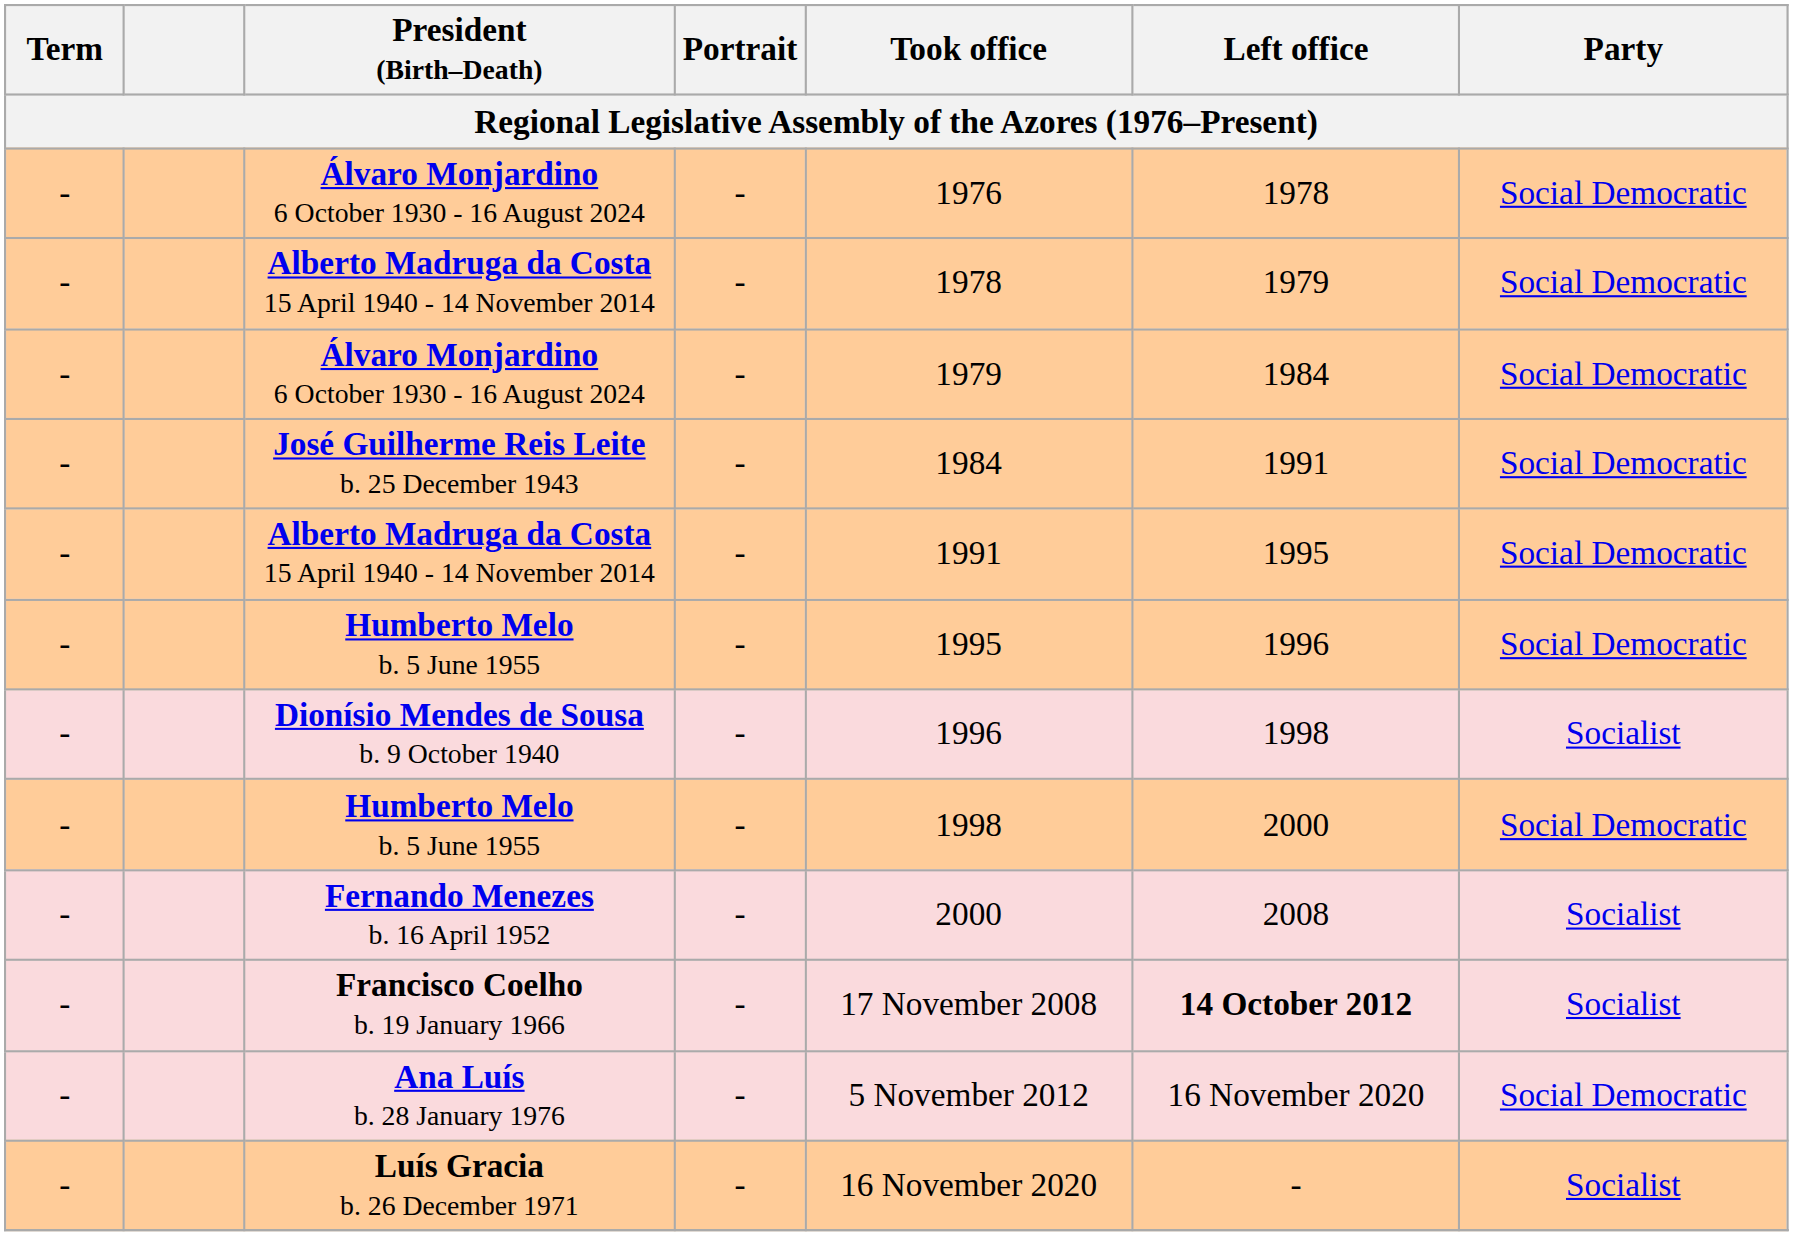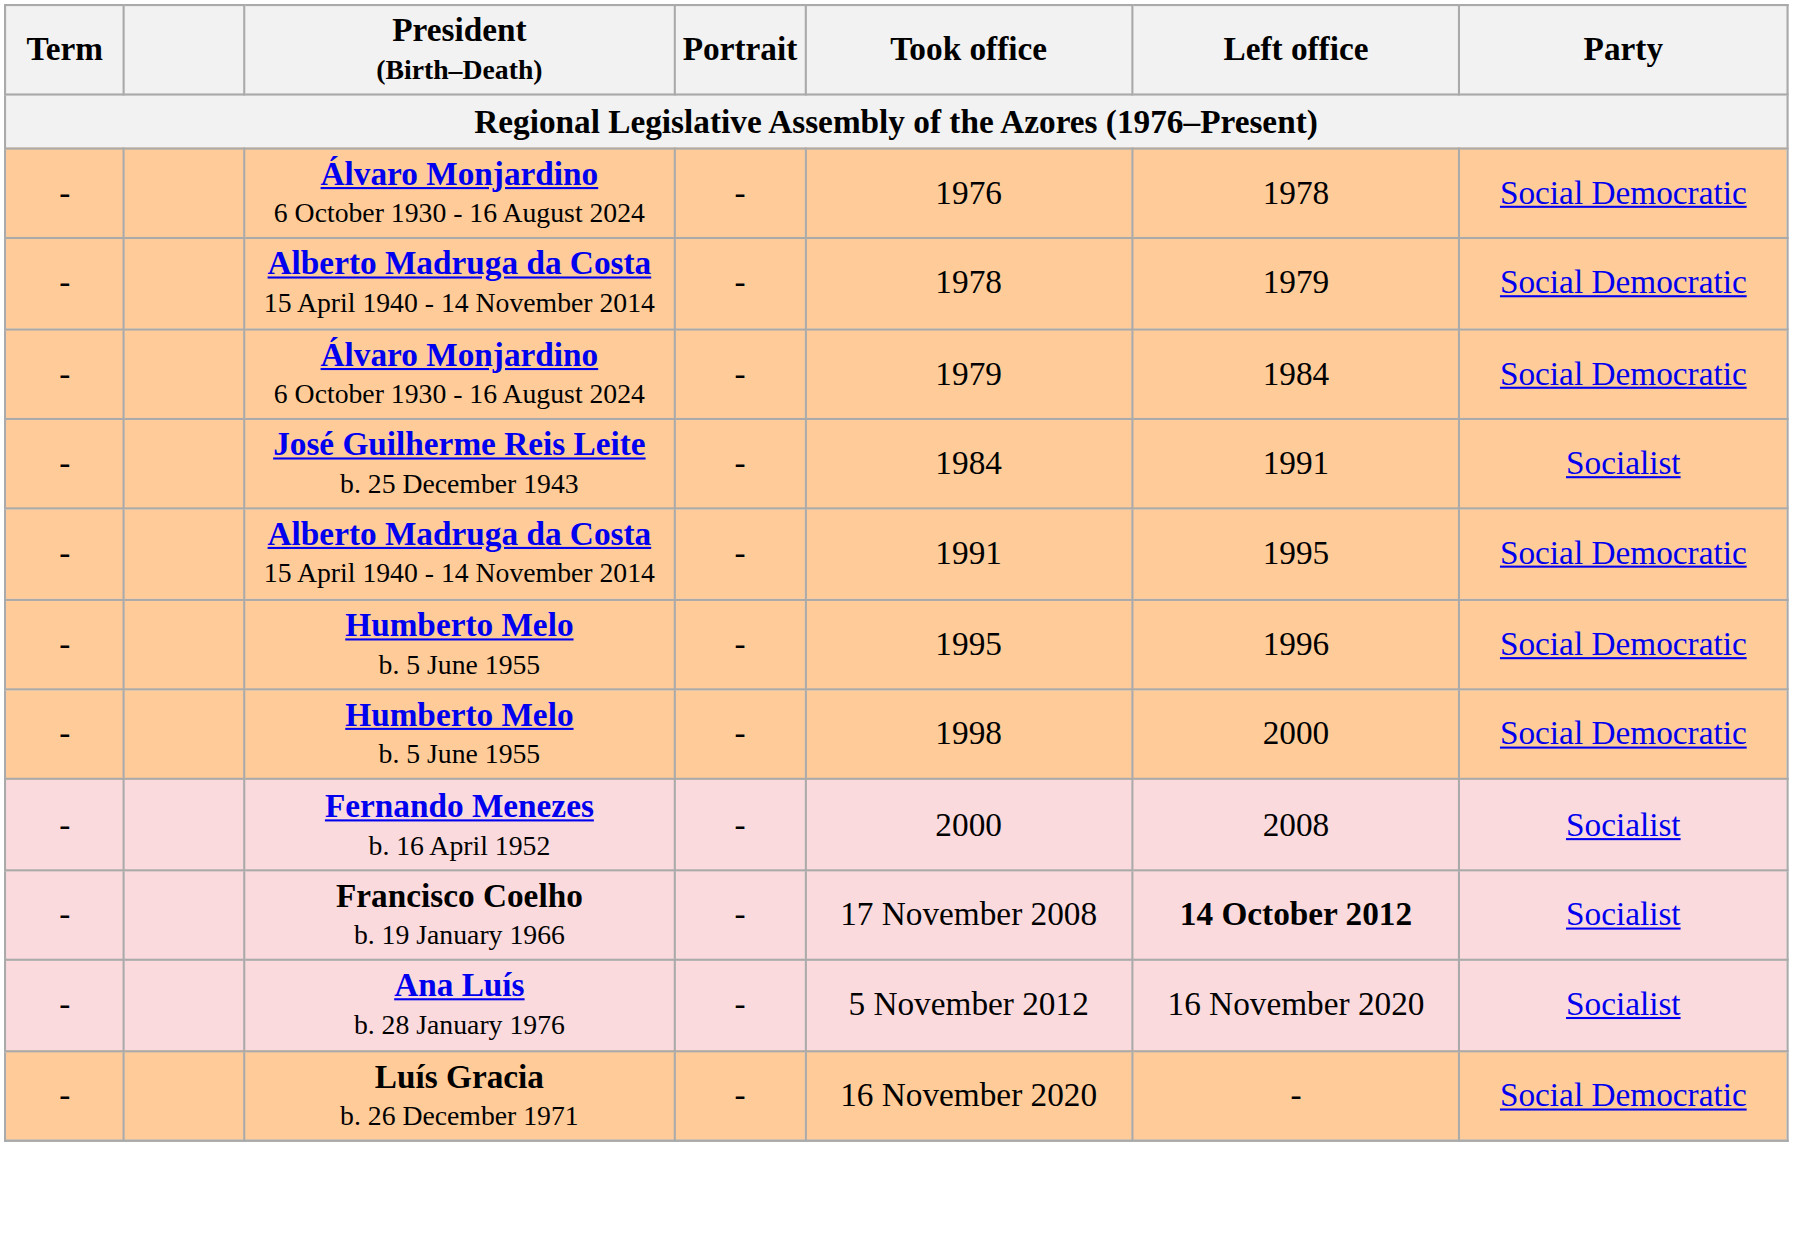 <table class="wikitable" style="text-align:center">
 <tr style="background:#cccccc">
 <th style="width: 50px;">Term</th>
 <th style="width: 50px;"></th>
 <th style="width: 200px;">President<br><small>(Birth–Death)</small></th>
 <th>Portrait</th>
 <th style="width: 150px;">Took office</th>
 <th style="width: 150px;">Left office</th>
 <th style="width: 150px;">Party</th>
 </tr>
 <tr style="background:#DCDCDC">
 <th colspan=7>Regional Legislative Assembly of the Azores (1976–Present)</th>
 </tr>
 <tr style="background:#FFCC99">
 <td>-</td>
 <td style="background:"></td>
 <td><strong><a href='#'>Álvaro Monjardino</a></strong><br><small> 6 October 1930 - 16 August 2024</small></td>
 <td>-</td>
 <td>1976</td>
 <td>1978</td>
 <td><a href='#'>Social Democratic</a></td>
 </tr>
 <tr style="background:#FFCC99">
 <td>-</td>
 <td style="background:"></td>
 <td><strong><a href='#'>Alberto Madruga da Costa</a></strong><br><small>15 April 1940 - 14 November 2014</small></td>
 <td>-</td>
 <td>1978</td>
 <td>1979</td>
 <td><a href='#'>Social Democratic</a></td>
 </tr>
 <tr style="background:#FFCC99">
 <td>-</td>
 <td style="background:"></td>
 <td><strong><a href='#'>Álvaro Monjardino</a></strong><br><small> 6 October 1930 - 16 August 2024</small></td>
 <td>-</td>
 <td>1979</td>
 <td>1984</td>
 <td><a href='#'>Social Democratic</a></td>
 </tr>
 <tr style="background:#FFCC99">
 <td>-</td>
 <td style="background:"></td>
 <td><strong><a href='#'>José Guilherme Reis Leite</a></strong><br><small>b. 25 December 1943</small></td>
 <td>-</td>
 <td>1984</td>
 <td>1991</td>
-<td><a href='#'>Social Democratic</a></td>
+<td><a href='#'>Socialist</a></td>
 </tr>
 <tr style="background:#FFCC99">
 <td>-</td>
 <td style="background:"></td>
 <td><strong><a href='#'>Alberto Madruga da Costa</a></strong><br><small>15 April 1940 - 14 November 2014</small></td>
 <td>-</td>
 <td>1991</td>
 <td>1995</td>
 <td><a href='#'>Social Democratic</a></td>
 </tr>
 <tr style="background:#FFCC99">
 <td>-</td>
 <td style="background:"></td>
 <td><strong><a href='#'>Humberto Melo</a></strong><br><small>b. 5 June 1955</small></td>
 <td>-</td>
 <td>1995</td>
 <td>1996</td>
 <td><a href='#'>Social Democratic</a></td>
-</tr>
-<tr style="background:#FADADD">
-<td>-</td>
-<td style="background:"></td>
-<td><strong><a href='#'>Dionísio Mendes de Sousa</a></strong><br><small>b. 9 October 1940</small></td>
-<td>-</td>
-<td>1996</td>
-<td>1998</td>
-<td><a href='#'>Socialist</a></td>
 </tr>
 <tr style="background:#FFCC99">
 <td>-</td>
 <td style="background:"></td>
 <td><strong><a href='#'>Humberto Melo</a></strong><br><small>b. 5 June 1955</small></td>
 <td>-</td>
 <td>1998</td>
 <td>2000</td>
 <td><a href='#'>Social Democratic</a></td>
 </tr>
 <tr style="background:#FADADD">
 <td>-</td>
 <td style="background:"></td>
 <td><strong><a href='#'>Fernando Menezes</a></strong><br><small>b. 16 April 1952</small></td>
 <td>-</td>
 <td>2000</td>
 <td>2008</td>
 <td><a href='#'>Socialist</a></td>
 </tr>
 <tr style="background:#FADADD">
 <td>-</td>
 <td style="background:"></td>
 <td><strong>Francisco Coelho</strong><br><small>b. 19 January 1966</small></td>
 <td>-</td>
 <td>17 November 2008</td>
 <td><strong>14 October 2012</strong></td>
 <td><a href='#'>Socialist</a></td>
 </tr>
 <tr style="background:#FADADD">
 <td>-</td>
 <td style="background:"></td>
 <td><strong><a href='#'>Ana Luís</a></strong><br><small>b. 28 January 1976</small></td>
 <td>-</td>
 <td>5 November 2012</td>
 <td>16 November 2020</td>
-<td><a href='#'>Social Democratic</a></td>
+<td><a href='#'>Socialist</a></td>
 </tr>
 <tr style="background:#FFCC99">
 <td>-</td>
 <td style="background:"></td>
 <td><strong>Luís Gracia</strong><br><small>b. 26 December 1971</small></td>
 <td>-</td>
 <td>16 November 2020</td>
 <td>-</td>
-<td><a href='#'>Socialist</a></td>
+<td><a href='#'>Social Democratic</a></td>
 </tr>
 <tr style="background:#cccccc">
 </tr>
 </table>
